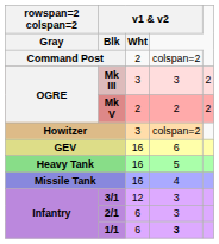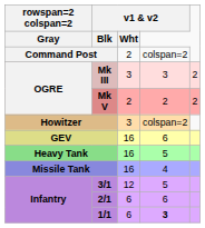 <table class="wikitable floatright" style="font-size:90%;text-align:center;width:20em;">
 <tr>
 <th>rowspan=2 colspan=2 </th>
 <th colspan=3>v1 & v2</th>
 </tr>
 <tr>
 <th>Gray</th>
 <th>Blk</th>
 <th>Wht</th>
 </tr>
 <tr>
 <th colspan=2>Command Post</th>
 <td>2</td>
 <td>colspan=2 </td>
 </tr>
 <tr style="background:#fdd;">
 <th rowspan=2>OGRE</th>
 <th style="background:#dbb;">Mk III</th>
 <td>3</td>
 <td>3</td>
 <td>2</td>
 </tr>
 <tr style="background:#faa;">
 <th style="background:#d88">Mk V</th>
 <td>2</td>
 <td>2</td>
 <td>2</td>
 </tr>
 <tr style="background:#fda;">
 <th colspan=2 style="background:#db8;">Howitzer</th>
 <td>3</td>
 <td>colspan=2 </td>
 </tr>
 <tr style="background:#ffa;" |>
 <th colspan=2 style="background:#dd8;">GEV</th>
 <td>16</td>
 <td>6</td>
 <td></td>
 </tr>
 <tr style="background:#afa;">
 <th colspan=2 style="background:#8d8;">Heavy Tank</th>
 <td>16</td>
 <td>5</td>
 <td></td>
 </tr>
 <tr style="background:#aaf;" |>
 <th colspan=2 style="background:#88d;">Missile Tank</th>
 <td>16</td>
 <td>4</td>
 <td></td>
 </tr>
 <tr style="background:#daf;">
 <th rowspan=3 style="background:#b8d;">Infantry</th>
 <th style="background:#b8d;">3/1</th>
 <td>12</td>
-<td>3</td>
+<td>5</td>
 <td></td>
 </tr>
 <tr style="background:#daf;">
 <th style="background:#b8d;">2/1</th>
 <td>6</td>
-<td>3</td>
+<td>6</td>
 <td></td>
 </tr>
 <tr style="background:#daf;">
 <th style="background:#b8d;">1/1</th>
 <td>6</td>
 <td><strong>3</strong></td>
 <td></td>
 </tr>
 </table>
